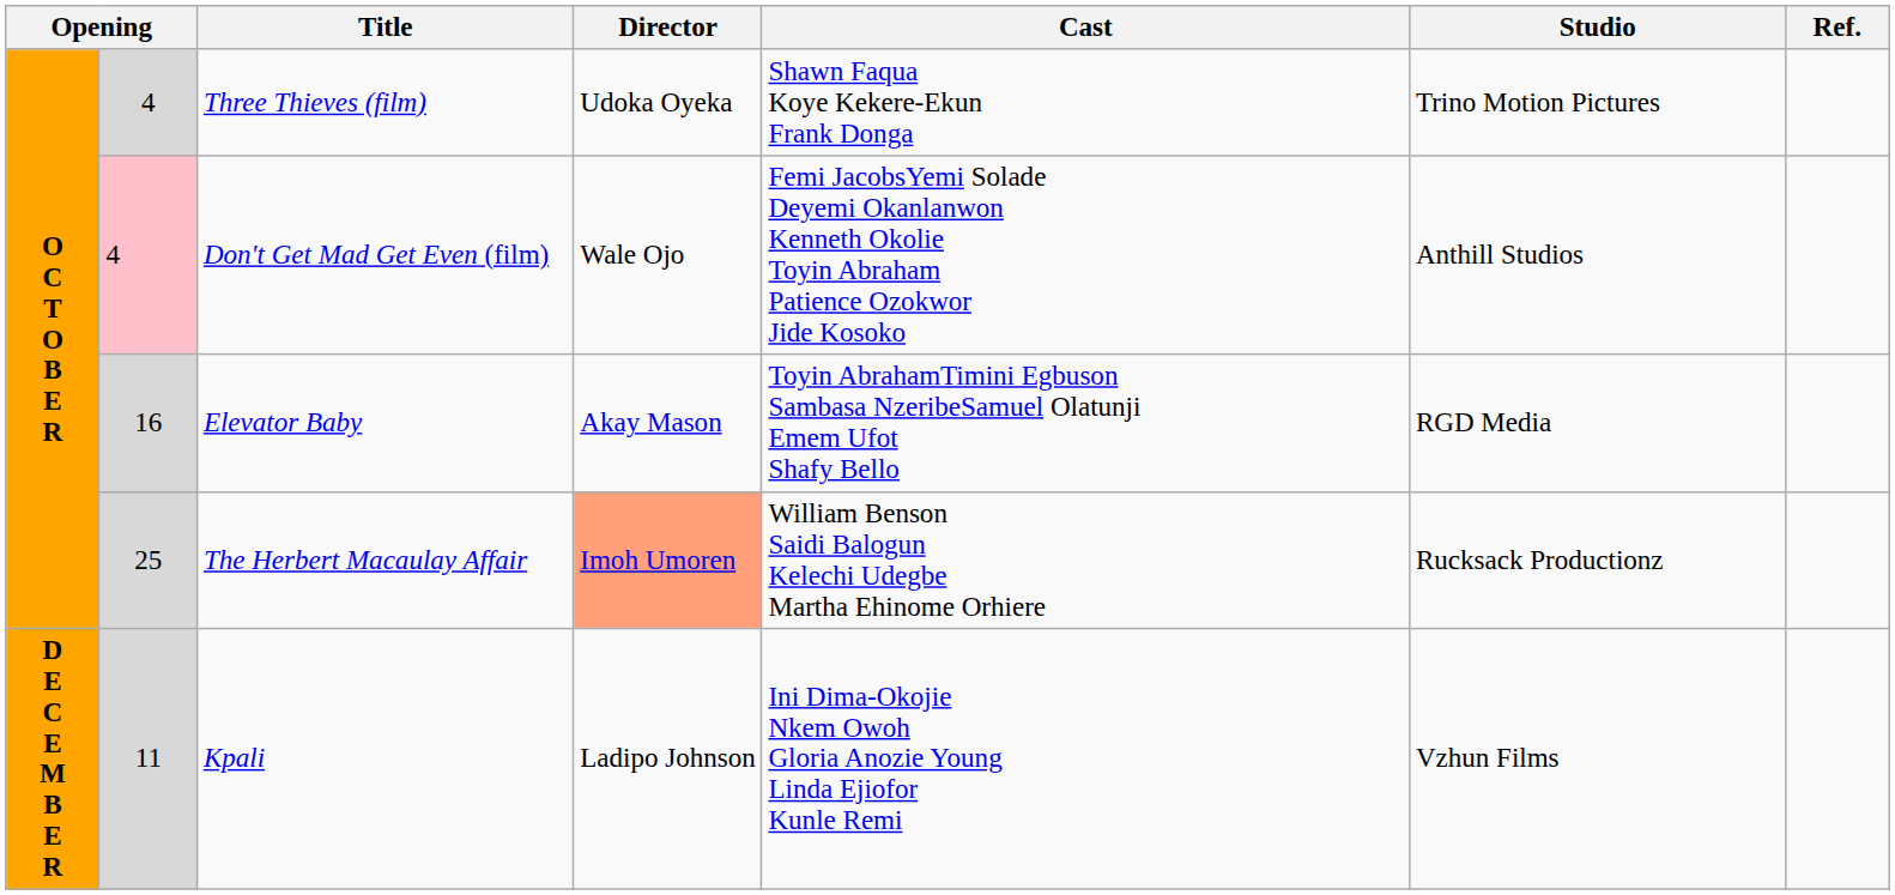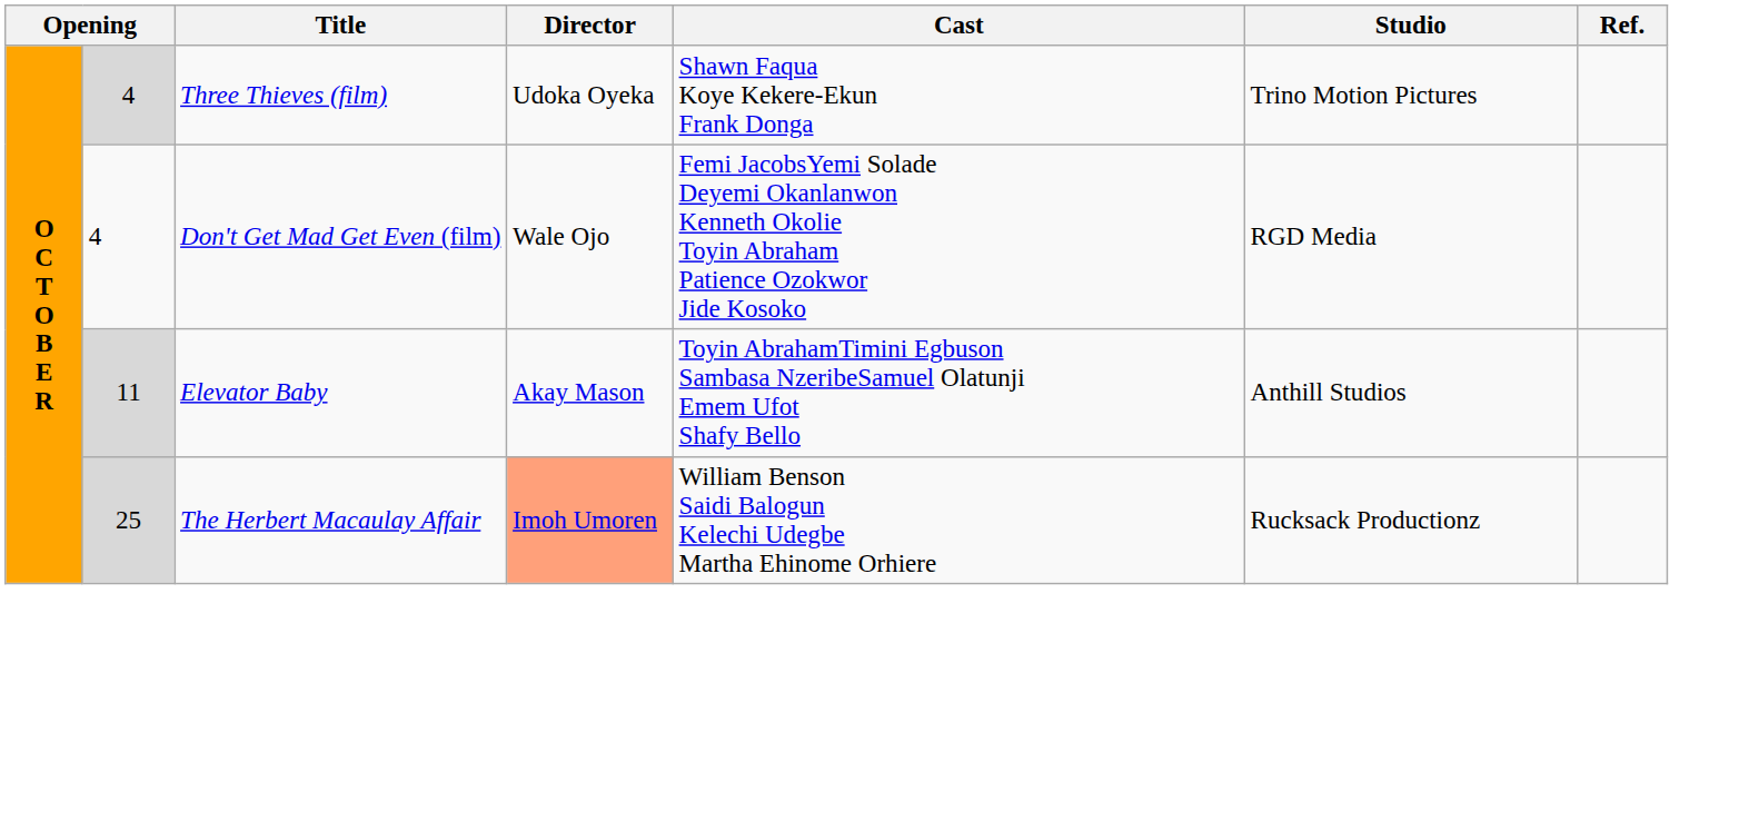 <table class="wikitable">
 <tr>
 <th colspan="2">Opening</th>
 <th style="width:20%;">Title</th>
 <th style="width:10%;">Director</th>
 <th>Cast</th>
 <th style="width:20%">Studio</th>
 <th>Ref.</th>
 </tr>
 <tr>
 <td rowspan="4" style="text-align:center; background:orange; textcolor:#000;"><strong>O<br>C<br>T<br>O<br>B<br>E<br>R<br></strong></td>
 <td rowspan=1 style="text-align:center; background:#d8d8d8; textcolor:#000;">4</td>
 <td><em><a href='#'>Three Thieves (film)</a></em></td>
 <td>Udoka Oyeka</td>
 <td><a href='#'>Shawn Faqua</a><br> Koye Kekere-Ekun<br><a href='#'>Frank Donga</a></td>
 <td>Trino Motion Pictures</td>
 <td></td>
 </tr>
 <tr>
-<td style="background: pink;">4</td>
+<td>4</td>
 <td><a href='#'><em>Don't Get Mad Get Even</em> (film)</a></td>
 <td>Wale Ojo</td>
 <td><a href='#'>Femi JacobsYemi</a> Solade<br><a href='#'>Deyemi Okanlanwon</a><br><a href='#'>Kenneth Okolie</a><br><a href='#'>Toyin Abraham</a><br><a href='#'>Patience Ozokwor</a><br><a href='#'>Jide Kosoko</a></td>
-<td>Anthill Studios</td>
+<td>RGD Media</td>
 <td></td>
 </tr>
 <tr>
-<td rowspan="1" style="text-align:center; background:#d8d8d8; textcolor:#000;">16</td>
+<td rowspan="1" style="text-align:center; background:#d8d8d8; textcolor:#000;">11</td>
 <td><em><a href='#'>Elevator Baby</a></em></td>
 <td><a href='#'>Akay Mason</a></td>
 <td><a href='#'>Toyin Abraham</a><a href='#'>Timini Egbuson</a><br><a href='#'>Sambasa NzeribeSamuel</a> Olatunji<br><a href='#'>Emem Ufot</a><br><a href='#'>Shafy Bello</a></td>
-<td>RGD Media</td>
+<td>Anthill Studios</td>
 <td></td>
 </tr>
 <tr>
 <td rowspan=1 style="text-align:center; background:#d8d8d8; textcolor:#000;">25</td>
 <td><em><a href='#'>The Herbert Macaulay Affair</a></em></td>
 <td style="background: lightsalmon;"><a href='#'>Imoh Umoren</a></td>
 <td>William Benson<br><a href='#'>Saidi Balogun</a><br><a href='#'>Kelechi Udegbe</a><br>Martha Ehinome Orhiere</td>
 <td>Rucksack Productionz</td>
 <td></td>
 </tr>
-<tr>
-<td rowspan="1" style="text-align:center; background:orange; textcolor:#000;"><strong>D</strong><br><strong>E</strong><br><strong>C</strong><br><strong>E</strong><br><strong>M</strong><br><strong>B</strong><br><strong>E</strong><br><strong>R<br></strong></td>
-<td rowspan="1" style="text-align:center; background:#d8d8d8; textcolor:#000;">11</td>
-<td><em><a href='#'>Kpali</a></em></td>
-<td>Ladipo Johnson</td>
-<td><a href='#'>Ini Dima-Okojie</a><br><a href='#'>Nkem Owoh</a><br><a href='#'>Gloria Anozie Young</a><br><a href='#'>Linda Ejiofor</a><br><a href='#'>Kunle Remi</a></td>
-<td>Vzhun Films</td>
-<td></td>
-</tr>
 </table>
